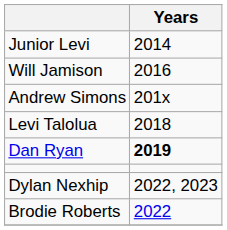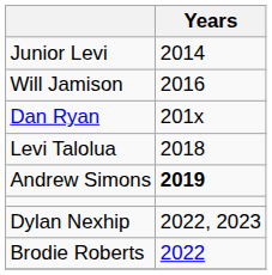 <table class="wikitable collapsible">
 <tr>
 <th></th>
 <th>Years</th>
 </tr>
 <tr>
 <td>Junior Levi</td>
 <td>2014</td>
 </tr>
 <tr>
 <td>Will Jamison</td>
 <td>2016</td>
 </tr>
 <tr>
-<td>Andrew Simons</td>
+<td><a href='#'>Dan Ryan</a></td>
 <td>201x</td>
 </tr>
 <tr>
 <td>Levi Talolua</td>
 <td>2018</td>
 </tr>
 <tr>
-<td><a href='#'>Dan Ryan</a></td>
+<td>Andrew Simons</td>
 <td><strong>2019</strong></td>
 </tr>
 <tr>
 <td></td>
 </tr>
 <tr>
 <td>Dylan Nexhip</td>
 <td>2022, 2023</td>
 </tr>
 <tr>
 <td>Brodie Roberts</td>
 <td><a href='#'>2022</a></td>
 </tr>
 <tr>
 </tr>
 </table>
